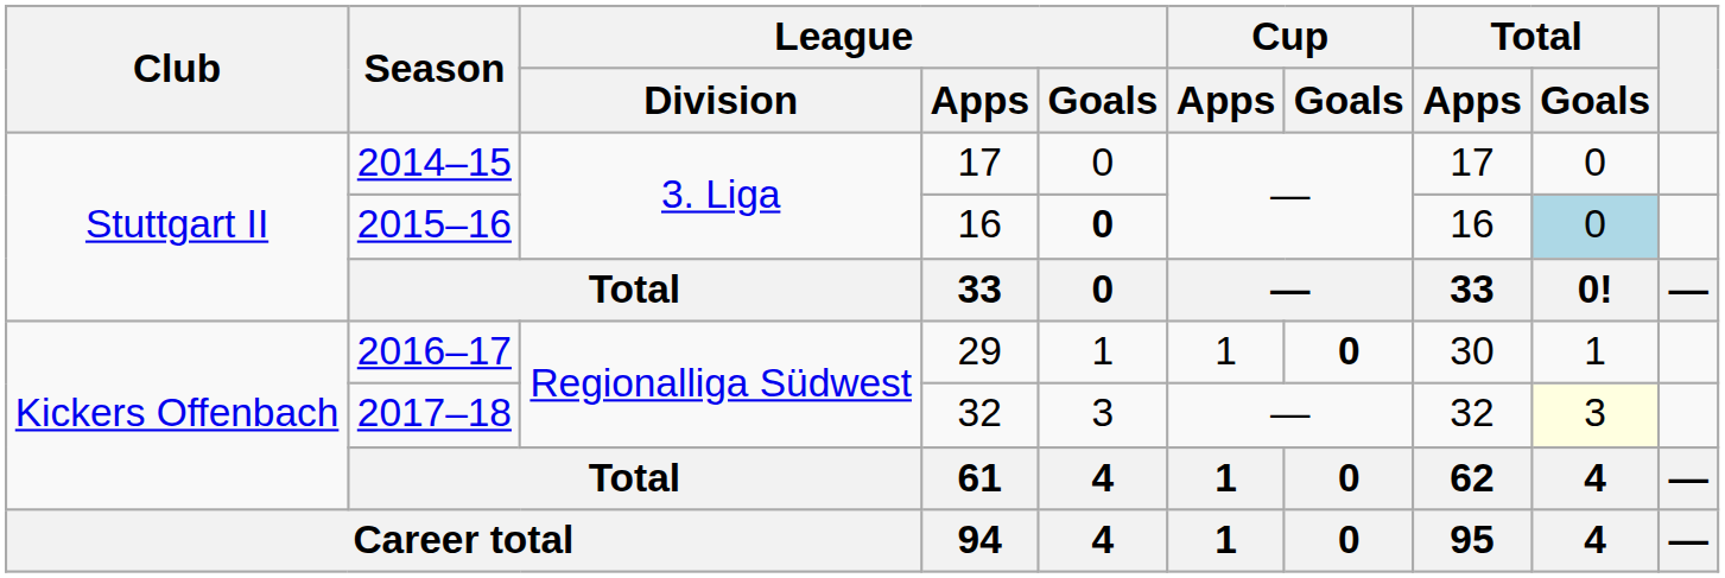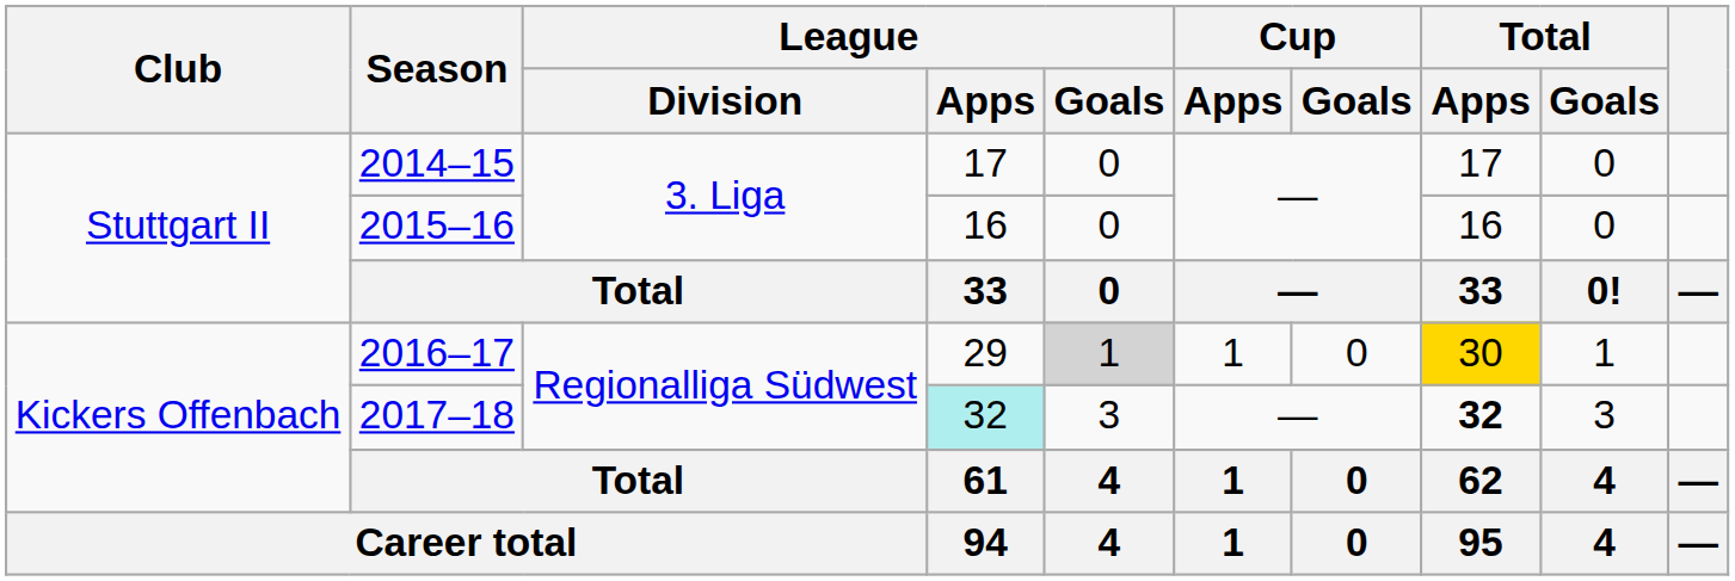 <table class="wikitable" style="text-align: center">
 <tr>
 <th rowspan=2>Club</th>
 <th rowspan=2>Season</th>
 <th colspan=3>League</th>
 <th colspan=2>Cup</th>
 <th colspan=2>Total</th>
 <th rowspan=2></th>
 </tr>
 <tr>
 <th>Division</th>
 <th>Apps</th>
 <th>Goals</th>
 <th>Apps</th>
 <th>Goals</th>
 <th>Apps</th>
 <th>Goals</th>
 </tr>
 <tr>
 <td rowspan=3><a href='#'>Stuttgart II</a></td>
 <td><a href='#'>2014–15</a></td>
 <td rowspan=2><a href='#'>3. Liga</a></td>
 <td>17</td>
 <td>0</td>
 <td rowspan=2 colspan=2>—</td>
 <td>17</td>
 <td>0</td>
 <td></td>
 </tr>
 <tr>
 <td><a href='#'>2015–16</a></td>
 <td>16</td>
-<td><strong>0</strong></td>
+<td>0</td>
 <td>16</td>
-<td style="background: lightblue;">0</td>
+<td>0</td>
 <td></td>
 </tr>
 <tr>
 <th colspan=2>Total</th>
 <th>33</th>
 <th>0</th>
 <th colspan=2>—</th>
 <th>33</th>
 <th>0!</th>
 <th>—</th>
 </tr>
 <tr>
 <td rowspan=3><a href='#'>Kickers Offenbach</a></td>
 <td><a href='#'>2016–17</a></td>
 <td rowspan=2><a href='#'>Regionalliga Südwest</a></td>
 <td>29</td>
+<td style="background: lightgrey;">1</td>
 <td>1</td>
-<td>1</td>
-<td><strong>0</strong></td>
-<td>30</td>
+<td>0</td>
+<td style="background: gold;">30</td>
 <td>1</td>
 <td></td>
 </tr>
 <tr>
 <td><a href='#'>2017–18</a></td>
-<td>32</td>
+<td style="background: paleturquoise;">32</td>
 <td>3</td>
 <td colspan=2>—</td>
-<td>32</td>
-<td style="background: lightyellow;">3</td>
+<td><strong>32</strong></td>
+<td>3</td>
 <td></td>
 </tr>
 <tr>
 <th colspan=2>Total</th>
 <th>61</th>
 <th>4</th>
 <th>1</th>
 <th>0</th>
 <th>62</th>
 <th>4</th>
 <th>—</th>
 </tr>
 <tr>
 <th colspan=3>Career total</th>
 <th>94</th>
 <th>4</th>
 <th>1</th>
 <th>0</th>
 <th>95</th>
 <th>4</th>
 <th>—</th>
 </tr>
 </table>
